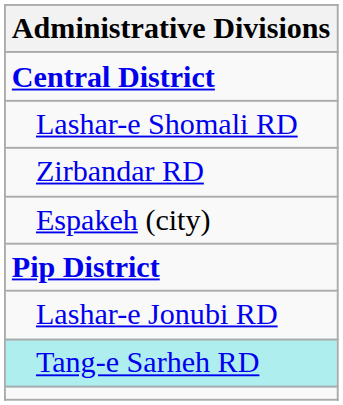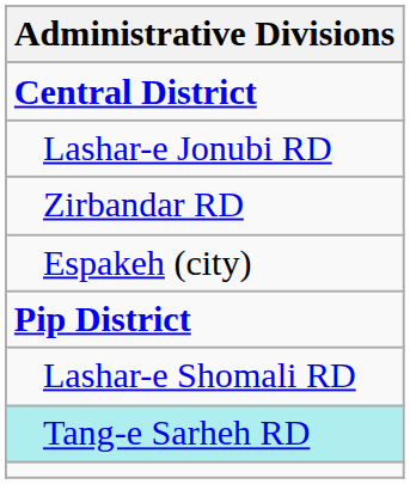 <table class="wikitable">
 <tr>
 <th>Administrative Divisions</th>
 </tr>
 <tr>
 <td><strong><a href='#'>Central District</a></strong></td>
 </tr>
 <tr>
-<td style="padding-left: 1em;"><a href='#'>Lashar-e Shomali RD</a></td>
+<td style="padding-left: 1em;"><a href='#'>Lashar-e Jonubi RD</a></td>
 </tr>
 <tr>
 <td style="padding-left: 1em;"><a href='#'>Zirbandar RD</a></td>
 </tr>
 <tr>
 <td style="padding-left: 1em;"><a href='#'>Espakeh</a> (city)</td>
 </tr>
 <tr>
 <td><strong><a href='#'>Pip District</a></strong></td>
 </tr>
 <tr>
-<td style="padding-left: 1em;"><a href='#'>Lashar-e Jonubi RD</a></td>
+<td style="padding-left: 1em;"><a href='#'>Lashar-e Shomali RD</a></td>
 </tr>
 <tr>
 <td style="background: paleturquoise; padding-left: 1em;"><a href='#'>Tang-e Sarheh RD</a></td>
 </tr>
 <tr>
 <td colspan=1></td>
 </tr>
 </table>
